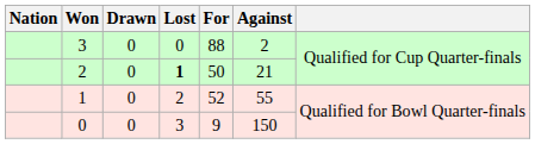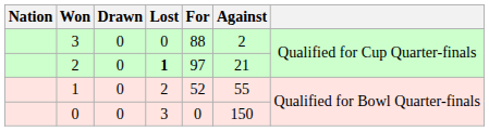 <table class="wikitable" style="text-align: center;">
 <tr>
 <th>Nation</th>
 <th>Won</th>
 <th>Drawn</th>
 <th>Lost</th>
 <th>For</th>
 <th>Against</th>
 <th></th>
 </tr>
 <tr bgcolor="#ccffcc">
 <td align="left"></td>
 <td>3</td>
 <td>0</td>
 <td>0</td>
 <td>88</td>
 <td>2</td>
 <td rowspan="2">Qualified for Cup Quarter-finals</td>
 </tr>
 <tr bgcolor="#ccffcc">
 <td align="left"></td>
 <td>2</td>
 <td>0</td>
 <td><strong>1</strong></td>
-<td>50</td>
+<td>97</td>
 <td>21</td>
 </tr>
 <tr bgcolor="FFE4E1">
 <td align="left"></td>
 <td>1</td>
 <td>0</td>
 <td>2</td>
 <td>52</td>
 <td>55</td>
 <td rowspan="2">Qualified for Bowl Quarter-finals</td>
 </tr>
 <tr bgcolor="FFE4E1">
 <td align="left"></td>
 <td>0</td>
 <td>0</td>
 <td>3</td>
-<td>9</td>
+<td>0</td>
 <td>150</td>
 </tr>
 </table>
